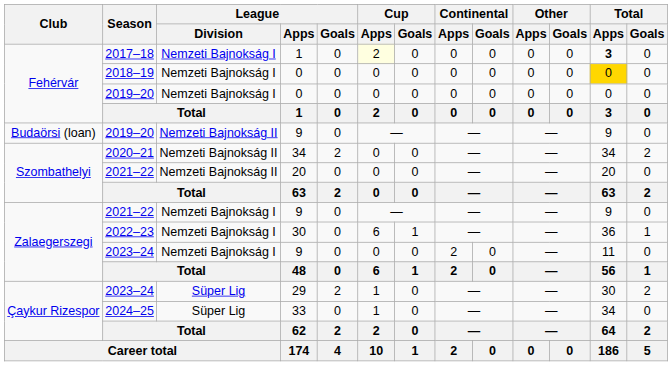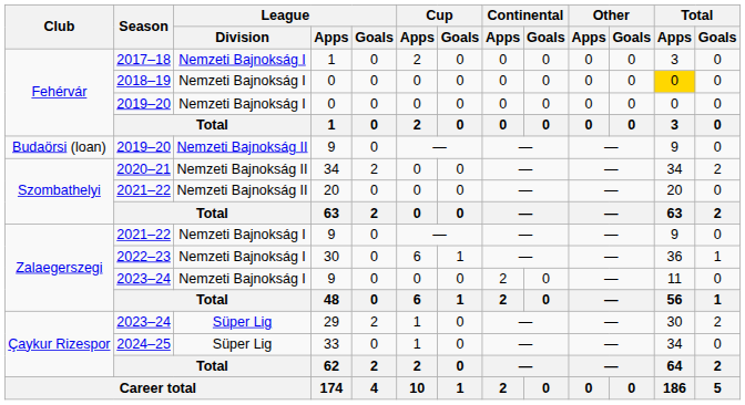 <table class="wikitable" style="text-align:center">
 <tr>
 <th rowspan="2">Club</th>
 <th rowspan="2">Season</th>
 <th colspan="3">League</th>
 <th colspan="2">Cup</th>
 <th colspan="2">Continental</th>
 <th colspan="2">Other</th>
 <th colspan="2">Total</th>
 </tr>
 <tr>
 <th>Division</th>
 <th>Apps</th>
 <th>Goals</th>
 <th>Apps</th>
 <th>Goals</th>
 <th>Apps</th>
 <th>Goals</th>
 <th>Apps</th>
 <th>Goals</th>
 <th>Apps</th>
 <th>Goals</th>
 </tr>
 <tr>
 <td rowspan="4"><a href='#'>Fehérvár</a></td>
 <td><a href='#'>2017–18</a></td>
 <td><a href='#'>Nemzeti Bajnokság I</a></td>
 <td>1</td>
 <td>0</td>
-<td style="background: lightyellow;">2</td>
+<td>2</td>
 <td>0</td>
 <td>0</td>
 <td>0</td>
 <td>0</td>
 <td>0</td>
-<td><strong>3</strong></td>
+<td>3</td>
 <td>0</td>
 </tr>
 <tr>
 <td><a href='#'>2018–19</a></td>
 <td>Nemzeti Bajnokság I</td>
 <td>0</td>
 <td>0</td>
 <td>0</td>
 <td>0</td>
 <td>0</td>
 <td>0</td>
 <td>0</td>
 <td>0</td>
 <td style="background: gold;">0</td>
 <td>0</td>
 </tr>
 <tr>
 <td><a href='#'>2019–20</a></td>
 <td>Nemzeti Bajnokság I</td>
 <td>0</td>
 <td>0</td>
 <td>0</td>
 <td>0</td>
 <td>0</td>
 <td>0</td>
 <td>0</td>
 <td>0</td>
 <td>0</td>
 <td>0</td>
 </tr>
 <tr>
 <th colspan="2">Total</th>
 <th>1</th>
 <th>0</th>
 <th>2</th>
 <th>0</th>
 <th>0</th>
 <th>0</th>
 <th>0</th>
 <th>0</th>
 <th>3</th>
 <th>0</th>
 </tr>
 <tr>
 <td><a href='#'>Budaörsi</a> (loan)</td>
 <td><a href='#'>2019–20</a></td>
 <td><a href='#'>Nemzeti Bajnokság II</a></td>
 <td>9</td>
 <td>0</td>
 <td colspan="2">—</td>
 <td colspan="2">—</td>
 <td colspan="2">—</td>
 <td>9</td>
 <td>0</td>
 </tr>
 <tr>
 <td rowspan="3"><a href='#'>Szombathelyi</a></td>
 <td><a href='#'>2020–21</a></td>
 <td>Nemzeti Bajnokság II</td>
 <td>34</td>
 <td>2</td>
 <td>0</td>
 <td>0</td>
 <td colspan="2">—</td>
 <td colspan="2">—</td>
 <td>34</td>
 <td>2</td>
 </tr>
 <tr>
 <td><a href='#'>2021–22</a></td>
 <td>Nemzeti Bajnokság II</td>
 <td>20</td>
 <td>0</td>
 <td>0</td>
 <td>0</td>
 <td colspan="2">—</td>
 <td colspan="2">—</td>
 <td>20</td>
 <td>0</td>
 </tr>
 <tr>
 <th colspan="2">Total</th>
 <th>63</th>
 <th>2</th>
 <th>0</th>
 <th>0</th>
 <th colspan="2">—</th>
 <th colspan="2">—</th>
 <th>63</th>
 <th>2</th>
 </tr>
 <tr>
 <td rowspan="4"><a href='#'>Zalaegerszegi</a></td>
 <td><a href='#'>2021–22</a></td>
 <td>Nemzeti Bajnokság I</td>
 <td>9</td>
 <td>0</td>
 <td colspan="2">—</td>
 <td colspan="2">—</td>
 <td colspan="2">—</td>
 <td>9</td>
 <td>0</td>
 </tr>
 <tr>
 <td><a href='#'>2022–23</a></td>
 <td>Nemzeti Bajnokság I</td>
 <td>30</td>
 <td>0</td>
 <td>6</td>
 <td>1</td>
 <td colspan="2">—</td>
 <td colspan="2">—</td>
 <td>36</td>
 <td>1</td>
 </tr>
 <tr>
 <td><a href='#'>2023–24</a></td>
 <td>Nemzeti Bajnokság I</td>
 <td>9</td>
 <td>0</td>
 <td>0</td>
 <td>0</td>
 <td>2</td>
 <td>0</td>
 <td colspan="2">—</td>
 <td>11</td>
 <td>0</td>
 </tr>
 <tr>
 <th colspan="2">Total</th>
 <th>48</th>
 <th>0</th>
 <th>6</th>
 <th>1</th>
 <th>2</th>
 <th>0</th>
 <th colspan="2">—</th>
 <th>56</th>
 <th>1</th>
 </tr>
 <tr>
 <td rowspan="3"><a href='#'>Çaykur Rizespor</a></td>
 <td><a href='#'>2023–24</a></td>
 <td><a href='#'>Süper Lig</a></td>
 <td>29</td>
 <td>2</td>
 <td>1</td>
 <td>0</td>
 <td colspan="2">—</td>
 <td colspan="2">—</td>
 <td>30</td>
 <td>2</td>
 </tr>
 <tr>
 <td><a href='#'>2024–25</a></td>
 <td>Süper Lig</td>
 <td>33</td>
 <td>0</td>
 <td>1</td>
 <td>0</td>
 <td colspan="2">—</td>
 <td colspan="2">—</td>
 <td>34</td>
 <td>0</td>
 </tr>
 <tr>
 <th colspan="2">Total</th>
 <th>62</th>
 <th>2</th>
 <th>2</th>
 <th>0</th>
 <th colspan="2">—</th>
 <th colspan="2">—</th>
 <th>64</th>
 <th>2</th>
 </tr>
 <tr>
 <th colspan="3">Career total</th>
 <th>174</th>
 <th>4</th>
 <th>10</th>
 <th>1</th>
 <th>2</th>
 <th>0</th>
 <th>0</th>
 <th>0</th>
 <th>186</th>
 <th>5</th>
 </tr>
 </table>
